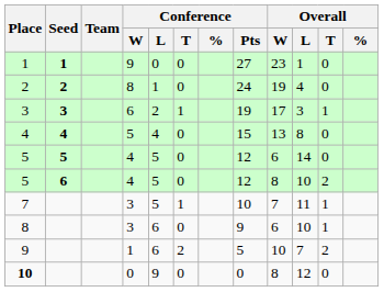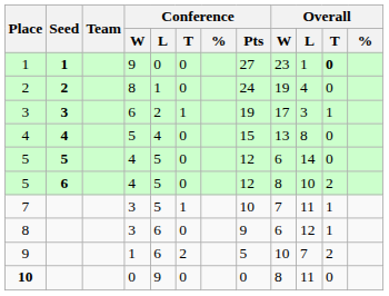 <table class="wikitable">
 <tr>
 <th rowspan ="2">Place</th>
 <th rowspan ="2">Seed</th>
 <th rowspan ="2">Team</th>
 <th colspan = "5">Conference</th>
 <th colspan = "4">Overall</th>
 </tr>
 <tr>
 <th scope="col" style="width: 20px;">W</th>
 <th scope="col" style="width: 20px;">L</th>
 <th scope="col" style="width: 20px;">T</th>
 <th scope="col" style="width: 30px;">%</th>
 <th scope="col" style="width: 30px;">Pts</th>
 <th scope="col" style="width: 20px;">W</th>
 <th scope="col" style="width: 20px;">L</th>
 <th scope="col" style="width: 20px;">T</th>
 <th scope="col" style="width: 30px;">%</th>
 </tr>
 <tr bgcolor=#ccffcc>
 <td style="text-align:center;">1</td>
 <td style="text-align:center;"><strong>1</strong></td>
 <td></td>
 <td>9</td>
 <td>0</td>
 <td>0</td>
 <td></td>
 <td>27</td>
 <td>23</td>
 <td>1</td>
-<td>0</td>
+<td><strong>0</strong></td>
 <td></td>
 </tr>
 <tr bgcolor=#ccffcc>
 <td style="text-align:center;">2</td>
 <td style="text-align:center;"><strong>2</strong></td>
 <td></td>
 <td>8</td>
 <td>1</td>
 <td>0</td>
 <td></td>
 <td>24</td>
 <td>19</td>
 <td>4</td>
 <td>0</td>
 <td></td>
 </tr>
 <tr bgcolor=#ccffcc>
 <td style="text-align:center;">3</td>
 <td style="text-align:center;"><strong>3</strong></td>
 <td></td>
 <td>6</td>
 <td>2</td>
 <td>1</td>
 <td></td>
 <td>19</td>
 <td>17</td>
 <td>3</td>
 <td>1</td>
 <td></td>
 </tr>
 <tr bgcolor=#ccffcc>
 <td style="text-align:center;">4</td>
 <td style="text-align:center;"><strong>4</strong></td>
 <td></td>
 <td>5</td>
 <td>4</td>
 <td>0</td>
 <td></td>
 <td>15</td>
 <td>13</td>
 <td>8</td>
 <td>0</td>
 <td></td>
 </tr>
 <tr bgcolor=#ccffcc>
 <td style="text-align:center;">5</td>
 <td style="text-align:center;"><strong>5</strong></td>
 <td></td>
 <td>4</td>
 <td>5</td>
 <td>0</td>
 <td></td>
 <td>12</td>
 <td>6</td>
 <td>14</td>
 <td>0</td>
 <td></td>
 </tr>
 <tr bgcolor=#ccffcc>
 <td style="text-align:center;">5</td>
 <td style="text-align:center;"><strong>6</strong></td>
 <td></td>
 <td>4</td>
 <td>5</td>
 <td>0</td>
 <td></td>
 <td>12</td>
 <td>8</td>
 <td>10</td>
 <td>2</td>
 <td></td>
 </tr>
 <tr>
 <td style="text-align:center;">7</td>
 <td style="text-align:center;"></td>
 <td></td>
 <td>3</td>
 <td>5</td>
 <td>1</td>
 <td></td>
 <td>10</td>
 <td>7</td>
 <td>11</td>
 <td>1</td>
 <td></td>
 </tr>
 <tr>
 <td style="text-align:center;">8</td>
 <td style="text-align:center;"></td>
 <td></td>
 <td>3</td>
 <td>6</td>
 <td>0</td>
 <td></td>
 <td>9</td>
 <td>6</td>
-<td>10</td>
+<td>12</td>
 <td>1</td>
 <td></td>
 </tr>
 <tr>
 <td style="text-align:center;">9</td>
 <td style="text-align:center;"></td>
 <td></td>
 <td>1</td>
 <td>6</td>
 <td>2</td>
 <td></td>
 <td>5</td>
 <td>10</td>
 <td>7</td>
 <td>2</td>
 <td></td>
 </tr>
 <tr>
 <td style="text-align:center;"><strong>10</strong></td>
 <td style="text-align:center;"></td>
 <td></td>
 <td>0</td>
 <td>9</td>
 <td>0</td>
 <td></td>
 <td>0</td>
 <td>8</td>
-<td>12</td>
+<td>11</td>
 <td>0</td>
 <td></td>
 </tr>
 </table>
